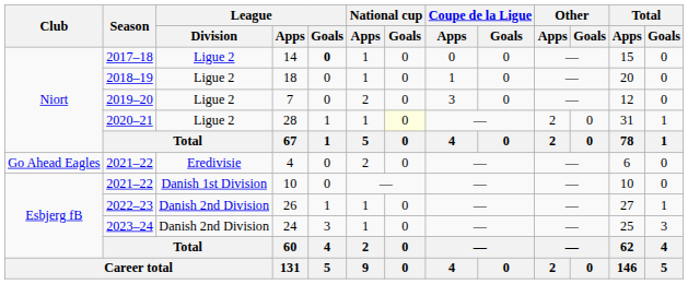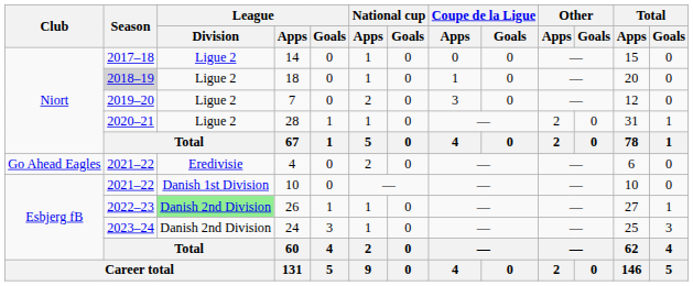 <table class="wikitable" style="text-align:center">
 <tr>
 <th rowspan="2">Club</th>
 <th rowspan="2">Season</th>
 <th colspan="3">League</th>
 <th colspan="2">National cup</th>
 <th colspan="2"><a href='#'>Coupe de la Ligue</a></th>
 <th colspan="2">Other</th>
 <th colspan="2">Total</th>
 </tr>
 <tr>
 <th>Division</th>
 <th>Apps</th>
 <th>Goals</th>
 <th>Apps</th>
 <th>Goals</th>
 <th>Apps</th>
 <th>Goals</th>
 <th>Apps</th>
 <th>Goals</th>
 <th>Apps</th>
 <th>Goals</th>
 </tr>
 <tr>
 <td rowspan="5"><a href='#'>Niort</a></td>
 <td><a href='#'>2017–18</a></td>
 <td><a href='#'>Ligue 2</a></td>
 <td>14</td>
-<td><strong>0</strong></td>
+<td>0</td>
 <td>1</td>
 <td>0</td>
 <td>0</td>
 <td>0</td>
 <td colspan="2">—</td>
 <td>15</td>
 <td>0</td>
 </tr>
 <tr>
-<td><a href='#'>2018–19</a></td>
+<td style="background: lightgrey;"><a href='#'>2018–19</a></td>
 <td>Ligue 2</td>
 <td>18</td>
 <td>0</td>
 <td>1</td>
 <td>0</td>
 <td>1</td>
 <td>0</td>
 <td colspan="2">—</td>
 <td>20</td>
 <td>0</td>
 </tr>
 <tr>
 <td><a href='#'>2019–20</a></td>
 <td>Ligue 2</td>
 <td>7</td>
 <td>0</td>
 <td>2</td>
 <td>0</td>
 <td>3</td>
 <td>0</td>
 <td colspan="2">—</td>
 <td>12</td>
 <td>0</td>
 </tr>
 <tr>
 <td><a href='#'>2020–21</a></td>
 <td>Ligue 2</td>
 <td>28</td>
 <td>1</td>
 <td>1</td>
-<td style="background: lightyellow;">0</td>
+<td>0</td>
 <td colspan="2">—</td>
 <td>2</td>
 <td>0</td>
 <td>31</td>
 <td>1</td>
 </tr>
 <tr>
 <th colspan="2">Total</th>
 <th>67</th>
 <th>1</th>
 <th>5</th>
 <th>0</th>
 <th>4</th>
 <th>0</th>
 <th>2</th>
 <th>0</th>
 <th>78</th>
 <th>1</th>
 </tr>
 <tr>
 <td><a href='#'>Go Ahead Eagles</a></td>
 <td><a href='#'>2021–22</a></td>
 <td><a href='#'>Eredivisie</a></td>
 <td>4</td>
 <td>0</td>
 <td>2</td>
 <td>0</td>
 <td colspan="2">—</td>
 <td colspan="2">—</td>
 <td>6</td>
 <td>0</td>
 </tr>
 <tr>
 <td rowspan="4"><a href='#'>Esbjerg fB</a></td>
 <td><a href='#'>2021–22</a></td>
 <td><a href='#'>Danish 1st Division</a></td>
 <td>10</td>
 <td>0</td>
 <td colspan="2">—</td>
 <td colspan="2">—</td>
 <td colspan="2">—</td>
 <td>10</td>
 <td>0</td>
 </tr>
 <tr>
 <td><a href='#'>2022–23</a></td>
-<td><a href='#'>Danish 2nd Division</a></td>
+<td style="background: lightgreen;"><a href='#'>Danish 2nd Division</a></td>
 <td>26</td>
 <td>1</td>
 <td>1</td>
 <td>0</td>
 <td colspan="2">—</td>
 <td colspan="2">—</td>
 <td>27</td>
 <td>1</td>
 </tr>
 <tr>
 <td><a href='#'>2023–24</a></td>
 <td>Danish 2nd Division</td>
 <td>24</td>
 <td>3</td>
 <td>1</td>
 <td>0</td>
 <td colspan="2">—</td>
 <td colspan="2">—</td>
 <td>25</td>
 <td>3</td>
 </tr>
 <tr>
 <th colspan="2">Total</th>
 <th>60</th>
 <th>4</th>
 <th>2</th>
 <th>0</th>
 <th colspan="2">—</th>
 <th colspan="2">—</th>
 <th>62</th>
 <th>4</th>
 </tr>
 <tr>
 <th colspan="3">Career total</th>
 <th>131</th>
 <th>5</th>
 <th>9</th>
 <th>0</th>
 <th>4</th>
 <th>0</th>
 <th>2</th>
 <th>0</th>
 <th>146</th>
 <th>5</th>
 </tr>
 </table>
